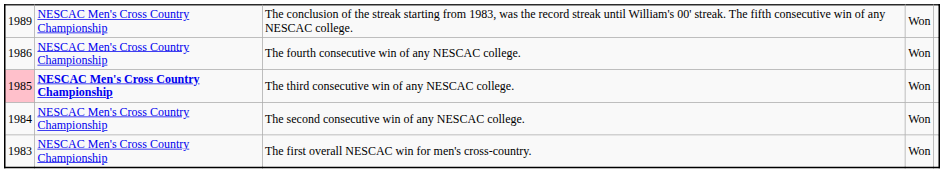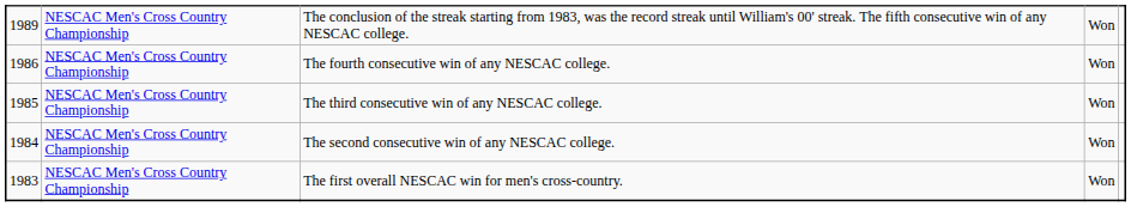 <table class="wikitable sortable" style="margin:0.5em 1em 0.5em 0; border:2px #000000 solid; border-collapse:collapse;" style="text-align:center">
 <tr>
 </tr>
 <tr>
 <td>1989</td>
 <td><a href='#'>NESCAC Men's Cross Country Championship</a></td>
 <td>The conclusion of the streak starting from 1983, was the record streak until William's 00' streak. The fifth consecutive win of any NESCAC college.</td>
 <td>Won</td>
 <td></td>
 </tr>
 <tr>
 <td>1986</td>
 <td><a href='#'>NESCAC Men's Cross Country Championship</a></td>
 <td>The fourth consecutive win of any NESCAC college.</td>
 <td>Won</td>
 <td></td>
 </tr>
 <tr>
-<td style="background: pink;">1985</td>
-<td><strong><a href='#'>NESCAC Men's Cross Country Championship</a></strong></td>
+<td>1985</td>
+<td><a href='#'>NESCAC Men's Cross Country Championship</a></td>
 <td>The third consecutive win of any NESCAC college.</td>
 <td>Won</td>
 <td></td>
 </tr>
 <tr>
 <td>1984</td>
 <td><a href='#'>NESCAC Men's Cross Country Championship</a></td>
 <td>The second consecutive win of any NESCAC college.</td>
 <td>Won</td>
 <td></td>
 </tr>
 <tr>
 <td>1983</td>
 <td><a href='#'>NESCAC Men's Cross Country Championship</a></td>
 <td>The first overall NESCAC win for men's cross-country.</td>
 <td>Won</td>
 <td></td>
 </tr>
 </table>
